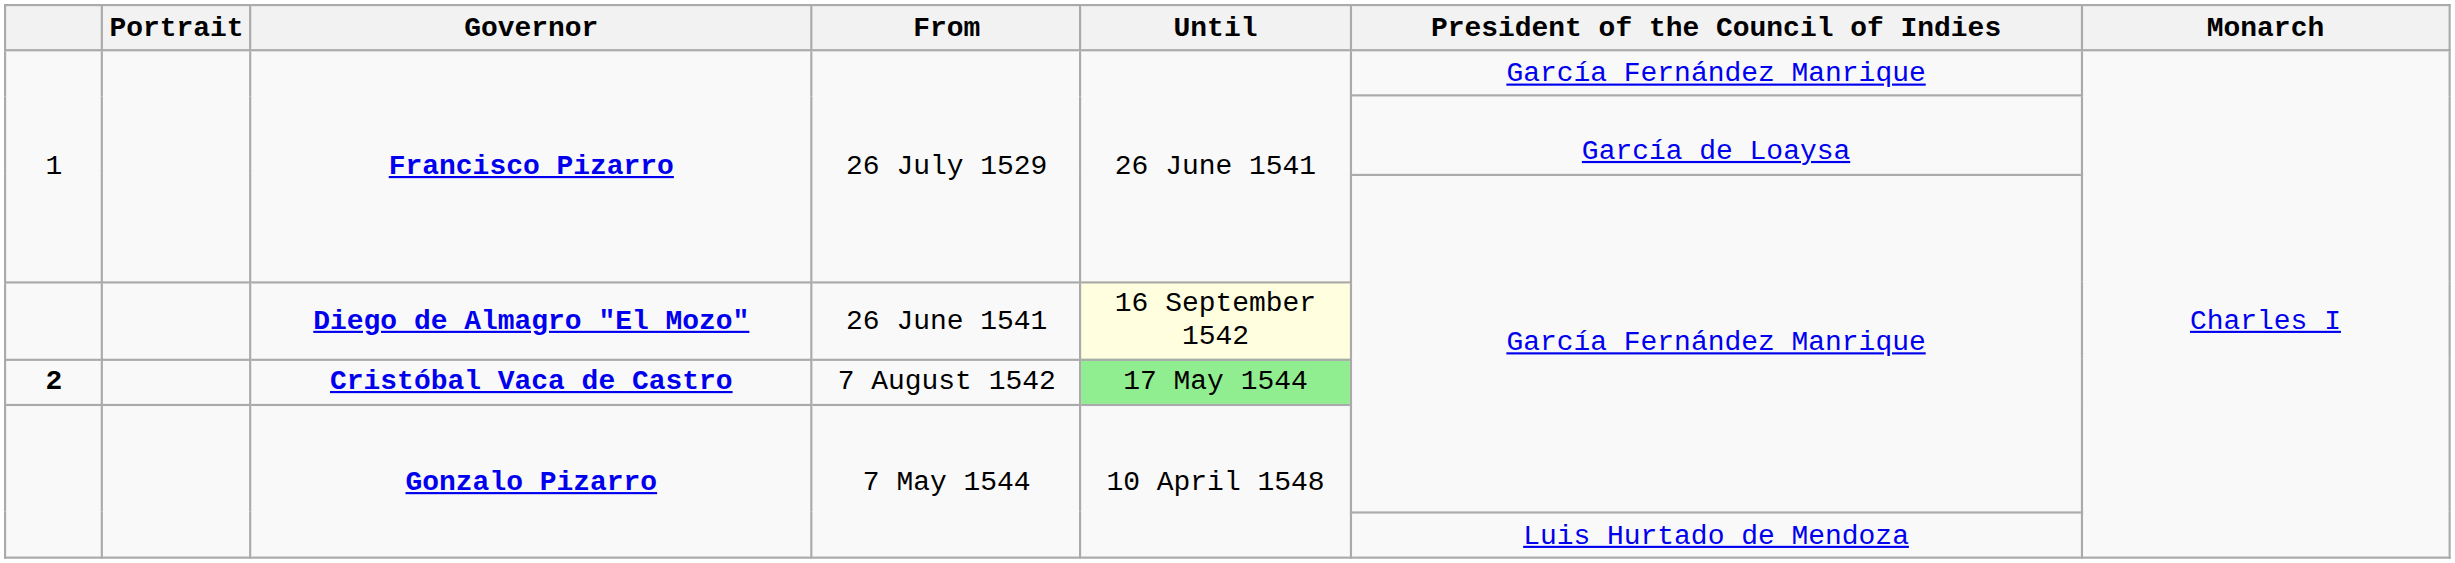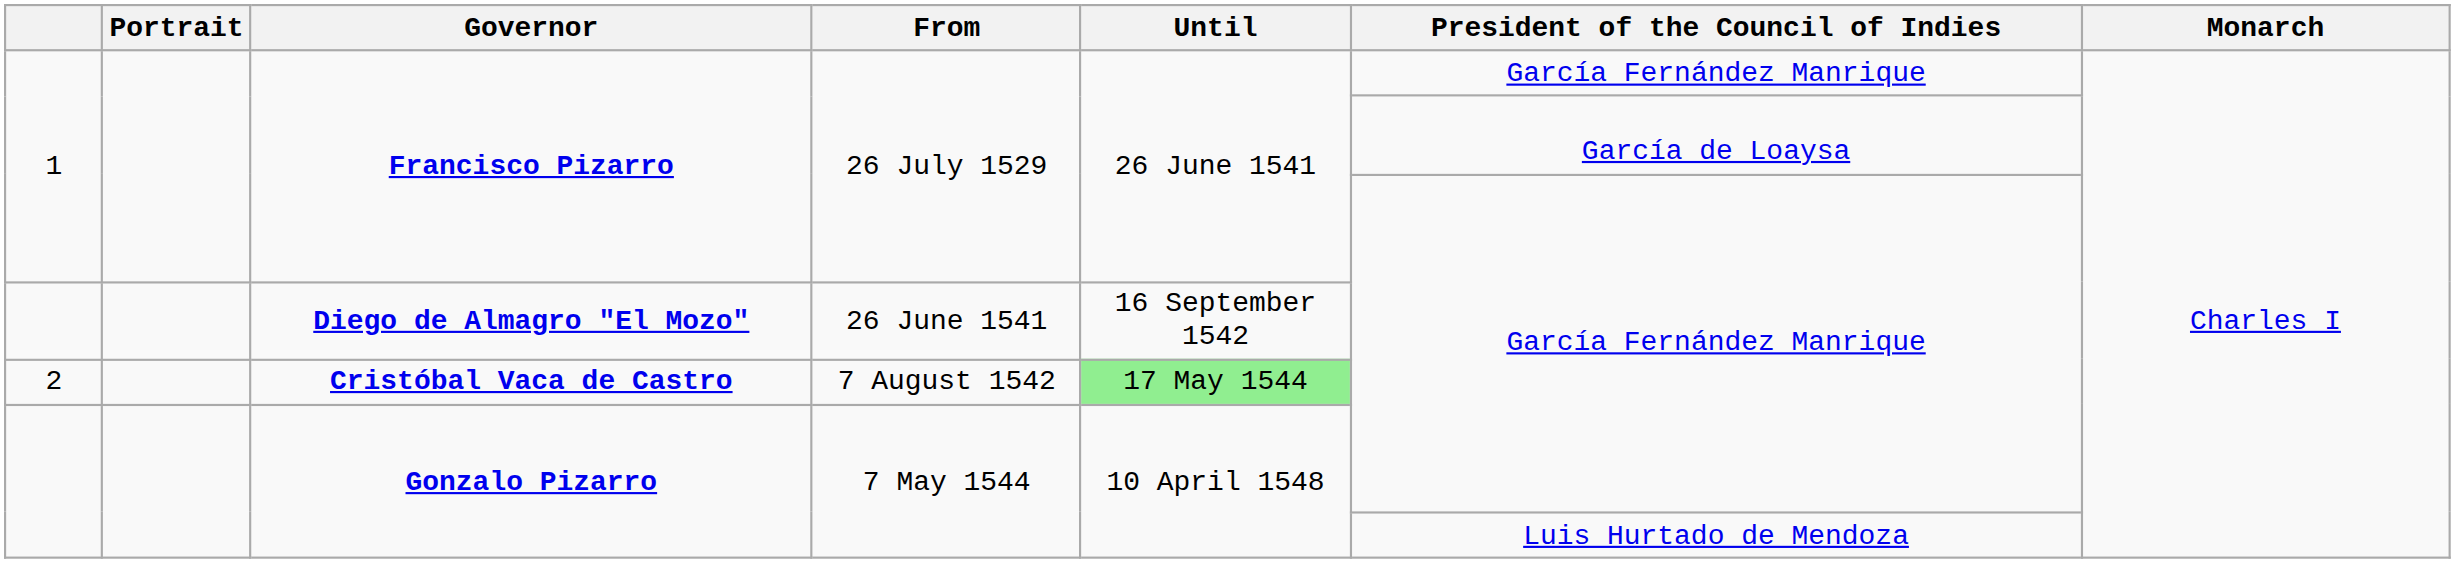 <table class="wikitable" style="text-align:center; width:90%;">
 <tr>
 <th width=4%></th>
 <th width=6%>Portrait</th>
 <th width=23%>Governor</th>
 <th width=11%>From</th>
 <th width=11%>Until</th>
 <th>President of the Council of Indies</th>
 <th width="15%">Monarch</th>
 </tr>
 <tr>
 <td rowspan="3">1</td>
 <td rowspan="3"></td>
 <td rowspan="3"><strong><a href='#'>Francisco Pizarro</a></strong></td>
 <td rowspan="3">26 July 1529</td>
 <td rowspan="3">26 June 1541</td>
 <td><a href='#'>García Fernández Manrique</a></td>
 <td rowspan="7"><br><a href='#'>Charles I</a></td>
 </tr>
 <tr>
 <td><br><a href='#'>García de Loaysa</a></td>
 </tr>
 <tr style="height:50px;">
 <td rowspan="4"><a href='#'>García Fernández Manrique</a></td>
 </tr>
 <tr>
 <td></td>
 <td></td>
 <td><strong><a href='#'>Diego de Almagro "El Mozo"</a></strong></td>
 <td>26 June 1541</td>
-<td style="background: lightyellow;">16 September 1542</td>
+<td>16 September 1542</td>
 </tr>
 <tr>
-<td><strong>2</strong></td>
+<td>2</td>
 <td></td>
 <td><strong><a href='#'>Cristóbal Vaca de Castro</a></strong></td>
 <td>7 August 1542</td>
 <td style="background: lightgreen;">17 May 1544</td>
 </tr>
 <tr style="height:50px;">
 <td rowspan="2"></td>
 <td rowspan="2"></td>
 <td rowspan="2"><strong><a href='#'>Gonzalo Pizarro</a></strong><br></td>
 <td rowspan="2">7 May 1544</td>
 <td rowspan="2">10 April 1548</td>
 </tr>
 <tr>
 <td><a href='#'>Luis Hurtado de Mendoza</a></td>
 </tr>
 </table>
